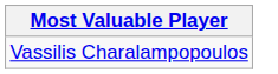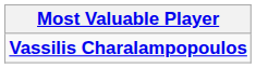 <table class=wikitable style="text-align:center">
 <tr>
 <th><a href='#'>Most Valuable Player</a></th>
 </tr>
 <tr>
-<td> <a href='#'>Vassilis Charalampopoulos</a></td>
+<td><strong> <a href='#'>Vassilis Charalampopoulos</a></strong></td>
 </tr>
 </table>
